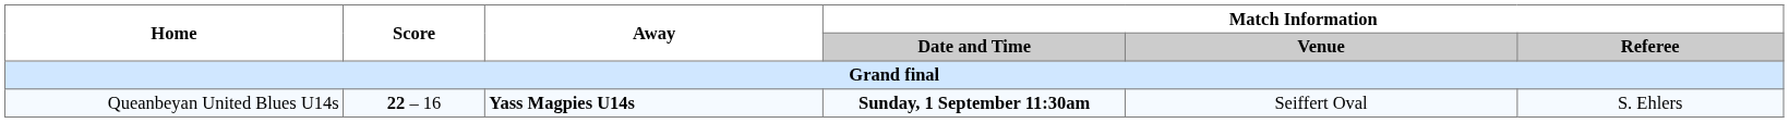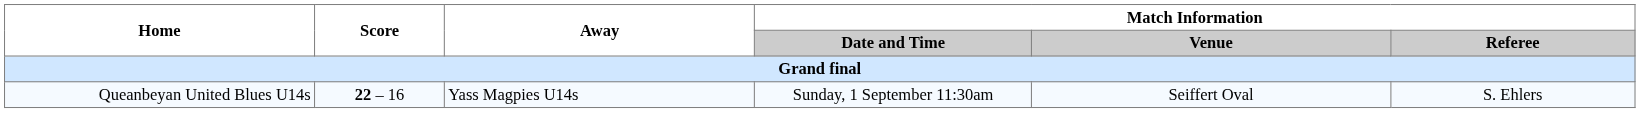 <table border="1" cellpadding="3" cellspacing="0" width="100%" style="border-collapse:collapse;  text-align:center;">
 <tr>
 <th rowspan="2" width="19%">Home</th>
 <th rowspan="2" width="8%">Score</th>
 <th rowspan="2" width="19%">Away</th>
 <th colspan="3">Match Information</th>
 </tr>
 <tr bgcolor="#CCCCCC">
 <th width="17%">Date and Time</th>
 <th width="22%">Venue</th>
 <th width="50%">Referee</th>
 </tr>
 <tr style="background:#d0e7ff;">
 <td colspan="6"><strong>Grand final</strong></td>
 </tr>
 <tr style="text-align:center; background:#f5faff;">
 <td align="right">Queanbeyan United Blues U14s </td>
 <td><strong>22</strong> – 16</td>
-<td align="left"><strong> Yass Magpies U14s</strong></td>
-<td><strong>Sunday, 1 September 11:30am</strong></td>
+<td align="left"> Yass Magpies U14s</td>
+<td>Sunday, 1 September 11:30am</td>
 <td>Seiffert Oval</td>
 <td>S. Ehlers</td>
 </tr>
 </table>
